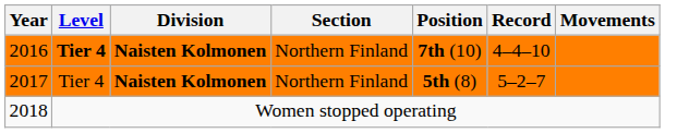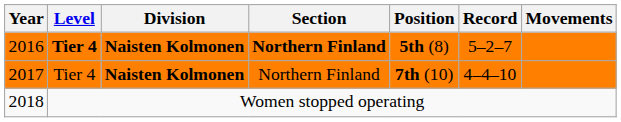 <table class="wikitable" style="text-align: center;">
 <tr style="background:#f0f6fa;">
 <th><strong>Year</strong></th>
 <th><strong><a href='#'>Level</a></strong></th>
 <th><strong>Division</strong></th>
 <th><strong>Section</strong></th>
 <th><strong>Position</strong></th>
 <th><strong>Record</strong></th>
 <th><strong>Movements</strong></th>
 </tr>
 <tr>
 <td style="background:#FF7F00;">2016</td>
 <td style="background:#FF7F00;"><strong>Tier 4</strong></td>
 <td style="background:#FF7F00;"><strong>Naisten Kolmonen</strong></td>
-<td style="background:#FF7F00;">Northern Finland</td>
-<td style="background:#FF7F00;"><strong>7th</strong> (10)</td>
-<td style="background:#FF7F00;">4–4–10</td>
+<td style="background:#FF7F00;"><strong>Northern Finland</strong></td>
+<td style="background:#FF7F00;"><strong>5th</strong> (8)</td>
+<td style="background:#FF7F00;">5–2–7</td>
 <td style="background:#FF7F00;"></td>
 </tr>
 <tr>
 <td style="background:#FF7F00;">2017</td>
 <td style="background:#FF7F00;">Tier 4</td>
 <td style="background:#FF7F00;"><strong>Naisten Kolmonen</strong></td>
 <td style="background:#FF7F00;">Northern Finland</td>
-<td style="background:#FF7F00;"><strong>5th</strong> (8)</td>
-<td style="background:#FF7F00;">5–2–7</td>
+<td style="background:#FF7F00;"><strong>7th</strong> (10)</td>
+<td style="background:#FF7F00;">4–4–10</td>
 <td style="background:#FF7F00;"></td>
 </tr>
 <tr>
 <td>2018</td>
 <td colspan="6" style="text-align: center;">Women stopped operating</td>
 </tr>
 </table>
